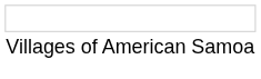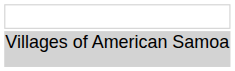 <table style="text-align:center">
 <tr>
 <td style="border:1px solid lightgray"><br>                                                                              </td>
 </tr>
 <tr>
-<td height=30 valign=top>Villages of American Samoa</td>
+<td height=30 valign=top style="background: lightgrey;">Villages of American Samoa</td>
 </tr>
 </table>
